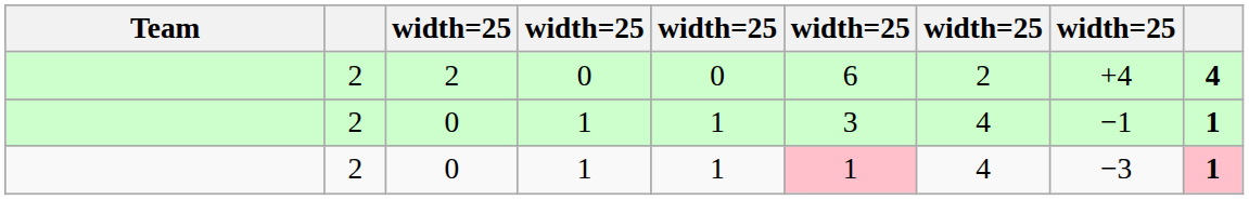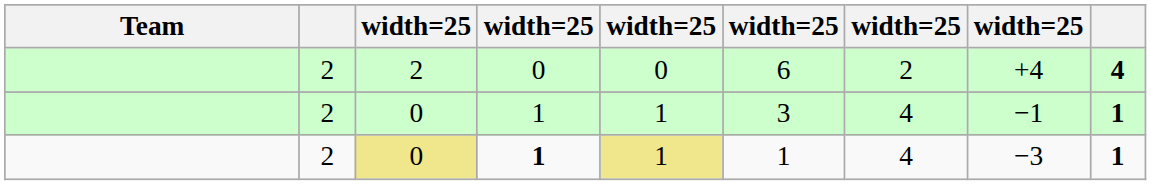 <table class="wikitable" style="text-align: center;">
 <tr>
 <th style="width:165px;">Team</th>
 <th width=25></th>
 <th>width=25</th>
 <th>width=25</th>
 <th>width=25</th>
 <th>width=25</th>
 <th>width=25</th>
 <th>width=25</th>
 <th width=25></th>
 </tr>
 <tr style="background:#cfc;">
 <td align="left"></td>
 <td>2</td>
 <td>2</td>
 <td>0</td>
 <td>0</td>
 <td>6</td>
 <td>2</td>
 <td>+4</td>
 <td><strong>4</strong></td>
 </tr>
 <tr style="background:#cfc;">
 <td align="left"></td>
 <td>2</td>
 <td>0</td>
 <td>1</td>
 <td>1</td>
 <td>3</td>
 <td>4</td>
 <td>−1</td>
 <td><strong>1</strong></td>
 </tr>
 <tr>
 <td align="left"></td>
 <td>2</td>
-<td>0</td>
+<td style="background: khaki;">0</td>
+<td><strong>1</strong></td>
+<td style="background: khaki;">1</td>
 <td>1</td>
-<td>1</td>
-<td style="background: pink;">1</td>
 <td>4</td>
 <td>−3</td>
-<td style="background: pink;"><strong>1</strong></td>
+<td><strong>1</strong></td>
 </tr>
 </table>
